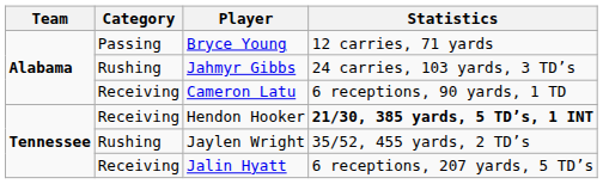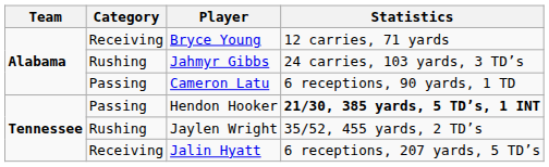 <table class="wikitable" style="float: right;">
 <tr>
 <th>Team</th>
 <th>Category</th>
 <th>Player</th>
 <th>Statistics</th>
 </tr>
 <tr>
 <td rowspan=3><strong>Alabama</strong></td>
-<td>Passing</td>
+<td>Receiving</td>
 <td><a href='#'>Bryce Young</a></td>
 <td>12 carries, 71 yards</td>
 </tr>
 <tr>
 <td>Rushing</td>
 <td><a href='#'>Jahmyr Gibbs</a></td>
 <td>24 carries, 103 yards, 3 TD’s</td>
 </tr>
 <tr>
-<td>Receiving</td>
+<td>Passing</td>
 <td><a href='#'>Cameron Latu</a></td>
 <td>6 receptions, 90 yards, 1 TD</td>
 </tr>
 <tr>
 <td rowspan=3><strong>Tennessee</strong></td>
-<td>Receiving</td>
+<td>Passing</td>
 <td>Hendon Hooker</td>
 <td><strong>21/30, 385 yards, 5 TD’s, 1 INT</strong></td>
 </tr>
 <tr>
 <td>Rushing</td>
 <td>Jaylen Wright</td>
 <td>35/52, 455 yards, 2 TD’s</td>
 </tr>
 <tr>
 <td>Receiving</td>
 <td><a href='#'>Jalin Hyatt</a></td>
 <td>6 receptions, 207 yards, 5 TD’s</td>
 </tr>
 </table>
